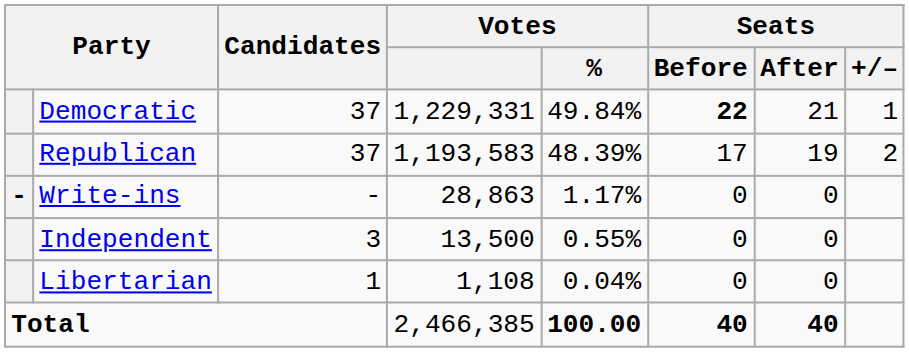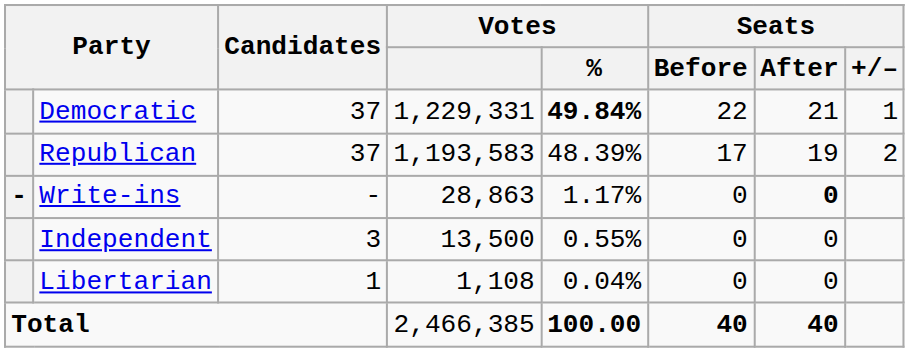 <table class="wikitable" style=text-align:right>
 <tr>
 </tr>
 <tr>
 <th rowspan="2" colspan="2">Party</th>
 <th rowspan="2">Candidates</th>
 <th colspan="2">Votes</th>
 <th colspan="3">Seats</th>
 </tr>
 <tr>
 <th></th>
 <th>%</th>
 <th>Before</th>
 <th>After</th>
 <th>+/–</th>
 </tr>
 <tr>
 <th style="background-color:"></th>
 <td align="left"><a href='#'>Democratic</a></td>
 <td>37</td>
 <td>1,229,331</td>
-<td>49.84%</td>
-<td><strong>22</strong></td>
+<td><strong>49.84%</strong></td>
+<td>22</td>
 <td>21</td>
 <td> 1</td>
 </tr>
 <tr>
 <th style="background-color:"></th>
 <td align="left"><a href='#'>Republican</a></td>
 <td>37</td>
 <td>1,193,583</td>
 <td>48.39%</td>
 <td>17</td>
 <td>19</td>
 <td> 2</td>
 </tr>
 <tr>
 <th>-</th>
 <td align="left"><a href='#'>Write-ins</a></td>
 <td>-</td>
 <td>28,863</td>
 <td>1.17%</td>
 <td>0</td>
-<td>0</td>
+<td><strong>0</strong></td>
 <td></td>
 </tr>
 <tr>
 <th style="background-color:"></th>
 <td align="left"><a href='#'>Independent</a></td>
 <td>3</td>
 <td>13,500</td>
 <td>0.55%</td>
 <td>0</td>
 <td>0</td>
 <td></td>
 </tr>
 <tr>
 <th style="background-color:"></th>
 <td align="left"><a href='#'>Libertarian</a></td>
 <td>1</td>
 <td>1,108</td>
 <td>0.04%</td>
 <td>0</td>
 <td>0</td>
 <td></td>
 </tr>
 <tr>
 <td colspan="3" align="left"><strong>Total</strong></td>
 <td>2,466,385</td>
 <td><strong>100.00</strong></td>
 <td><strong>40</strong></td>
 <td><strong>40</strong></td>
 </tr>
 </table>
